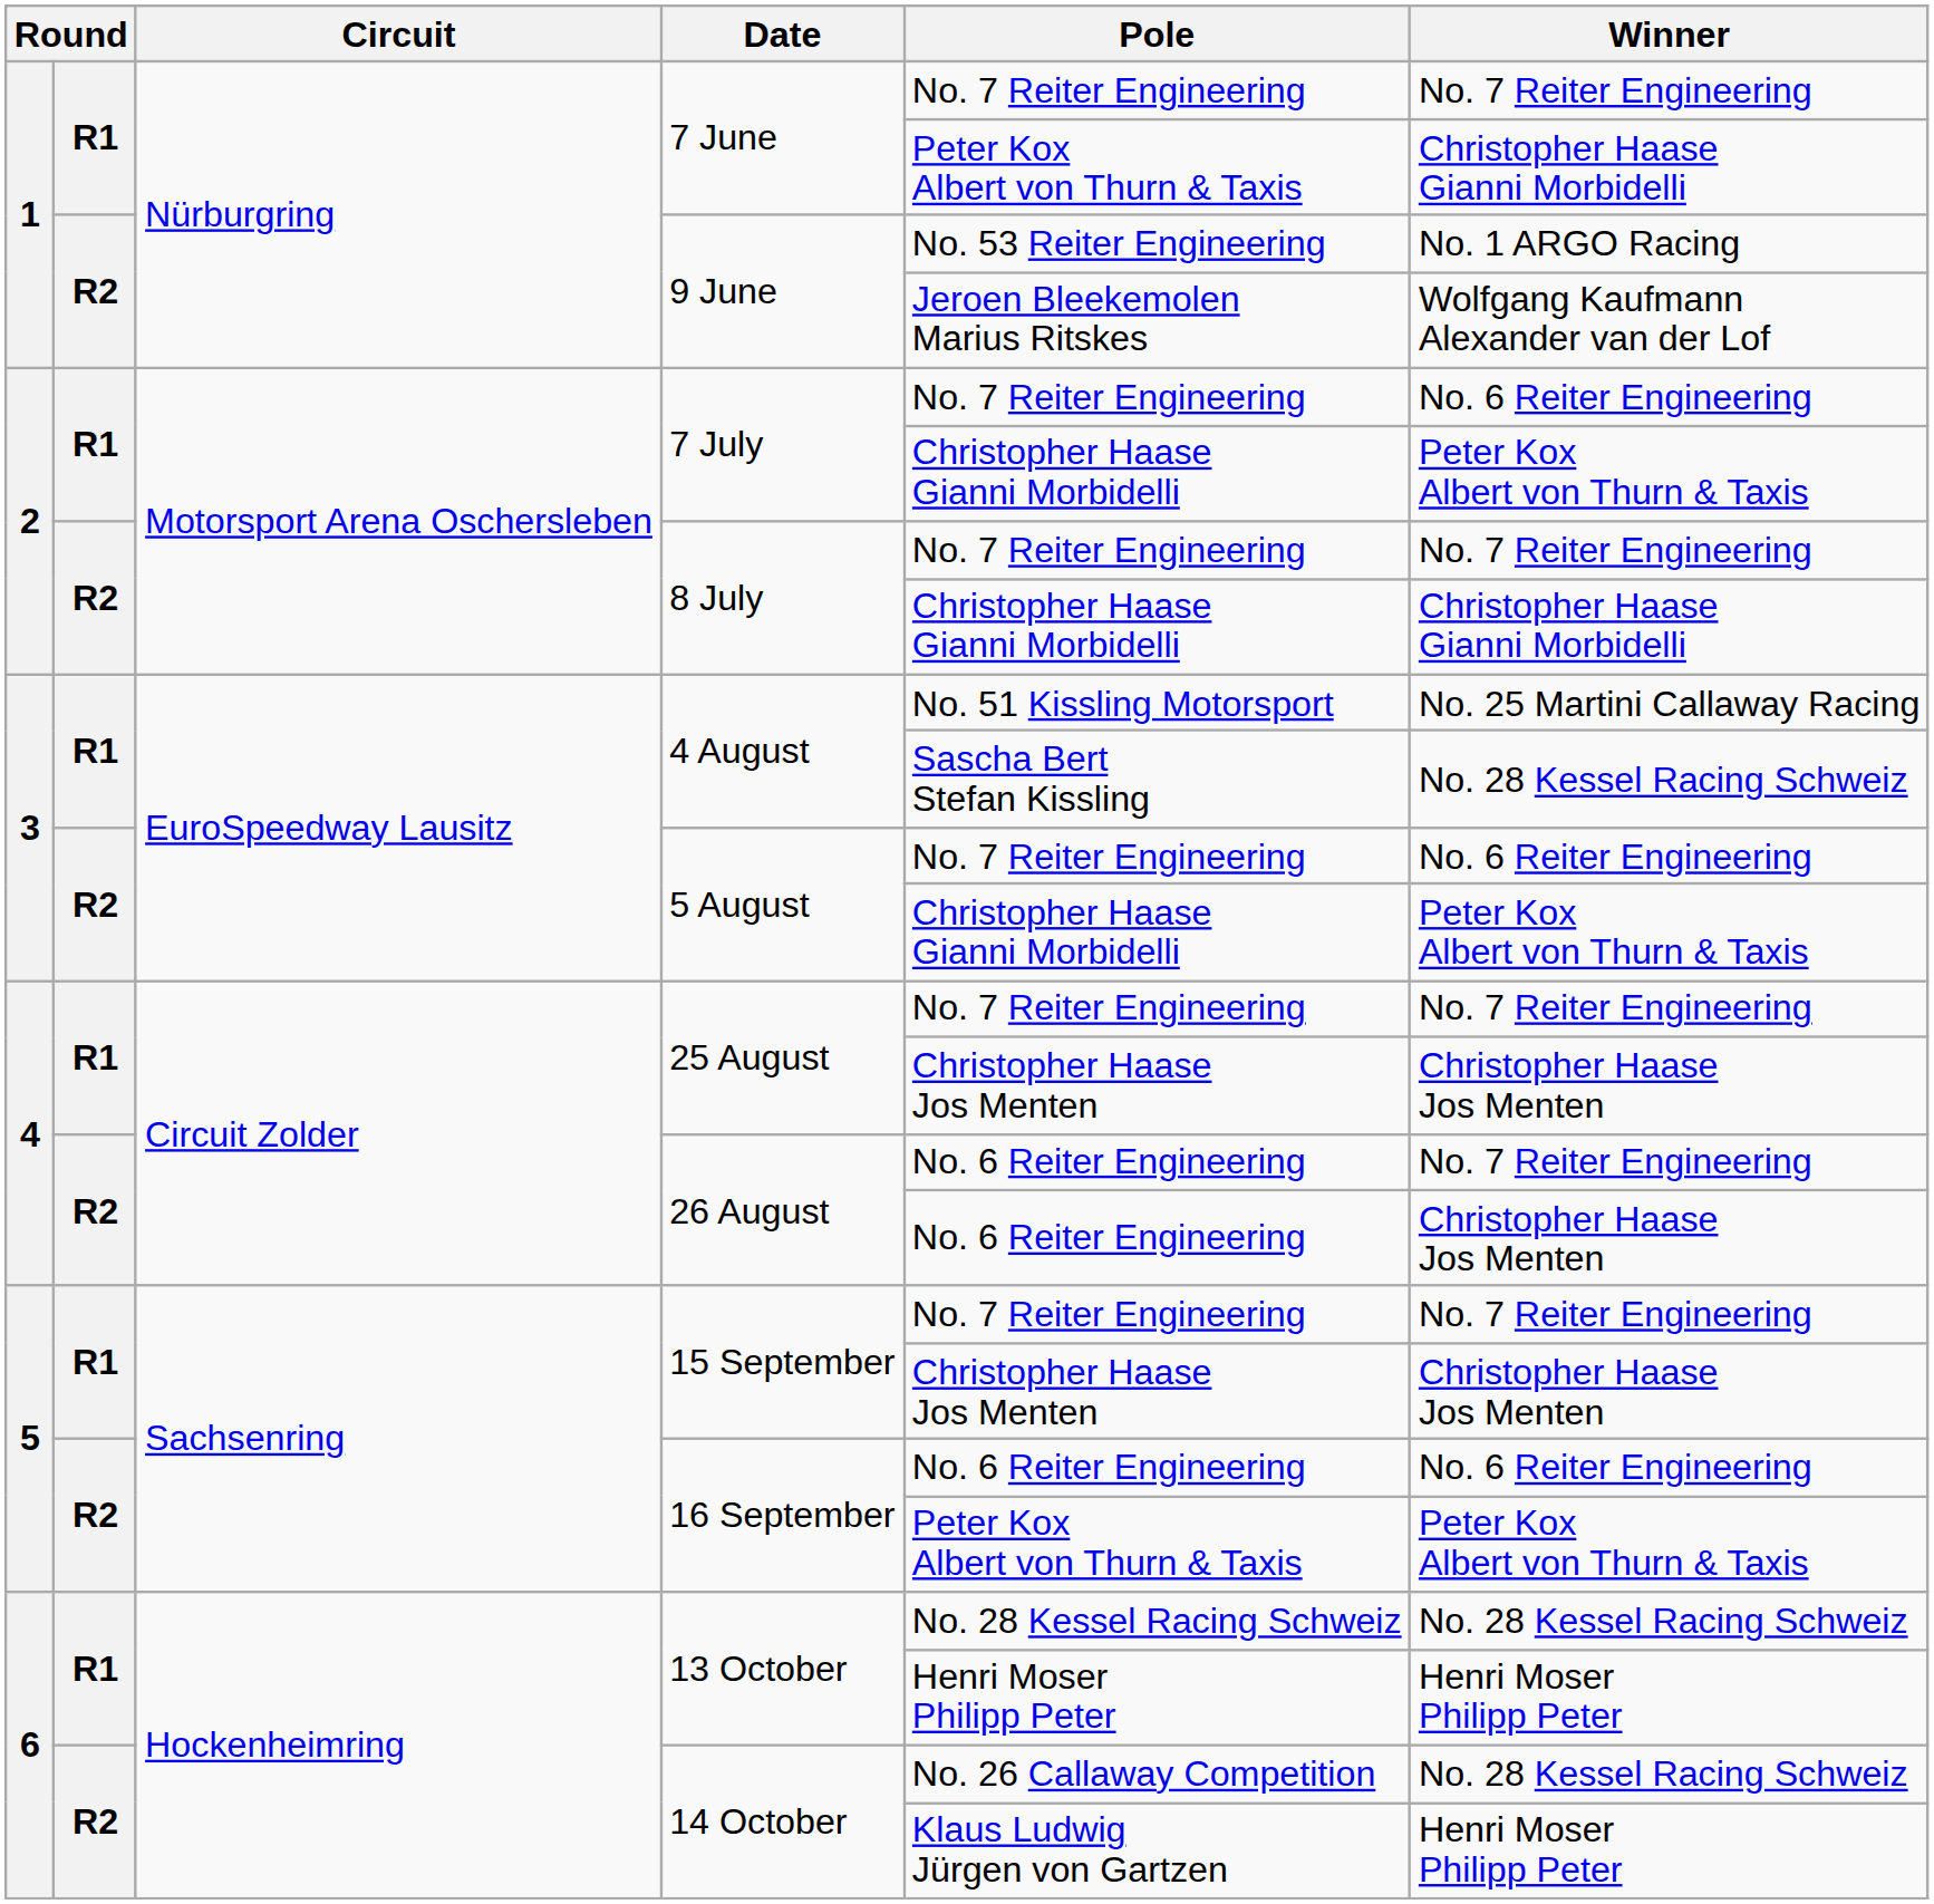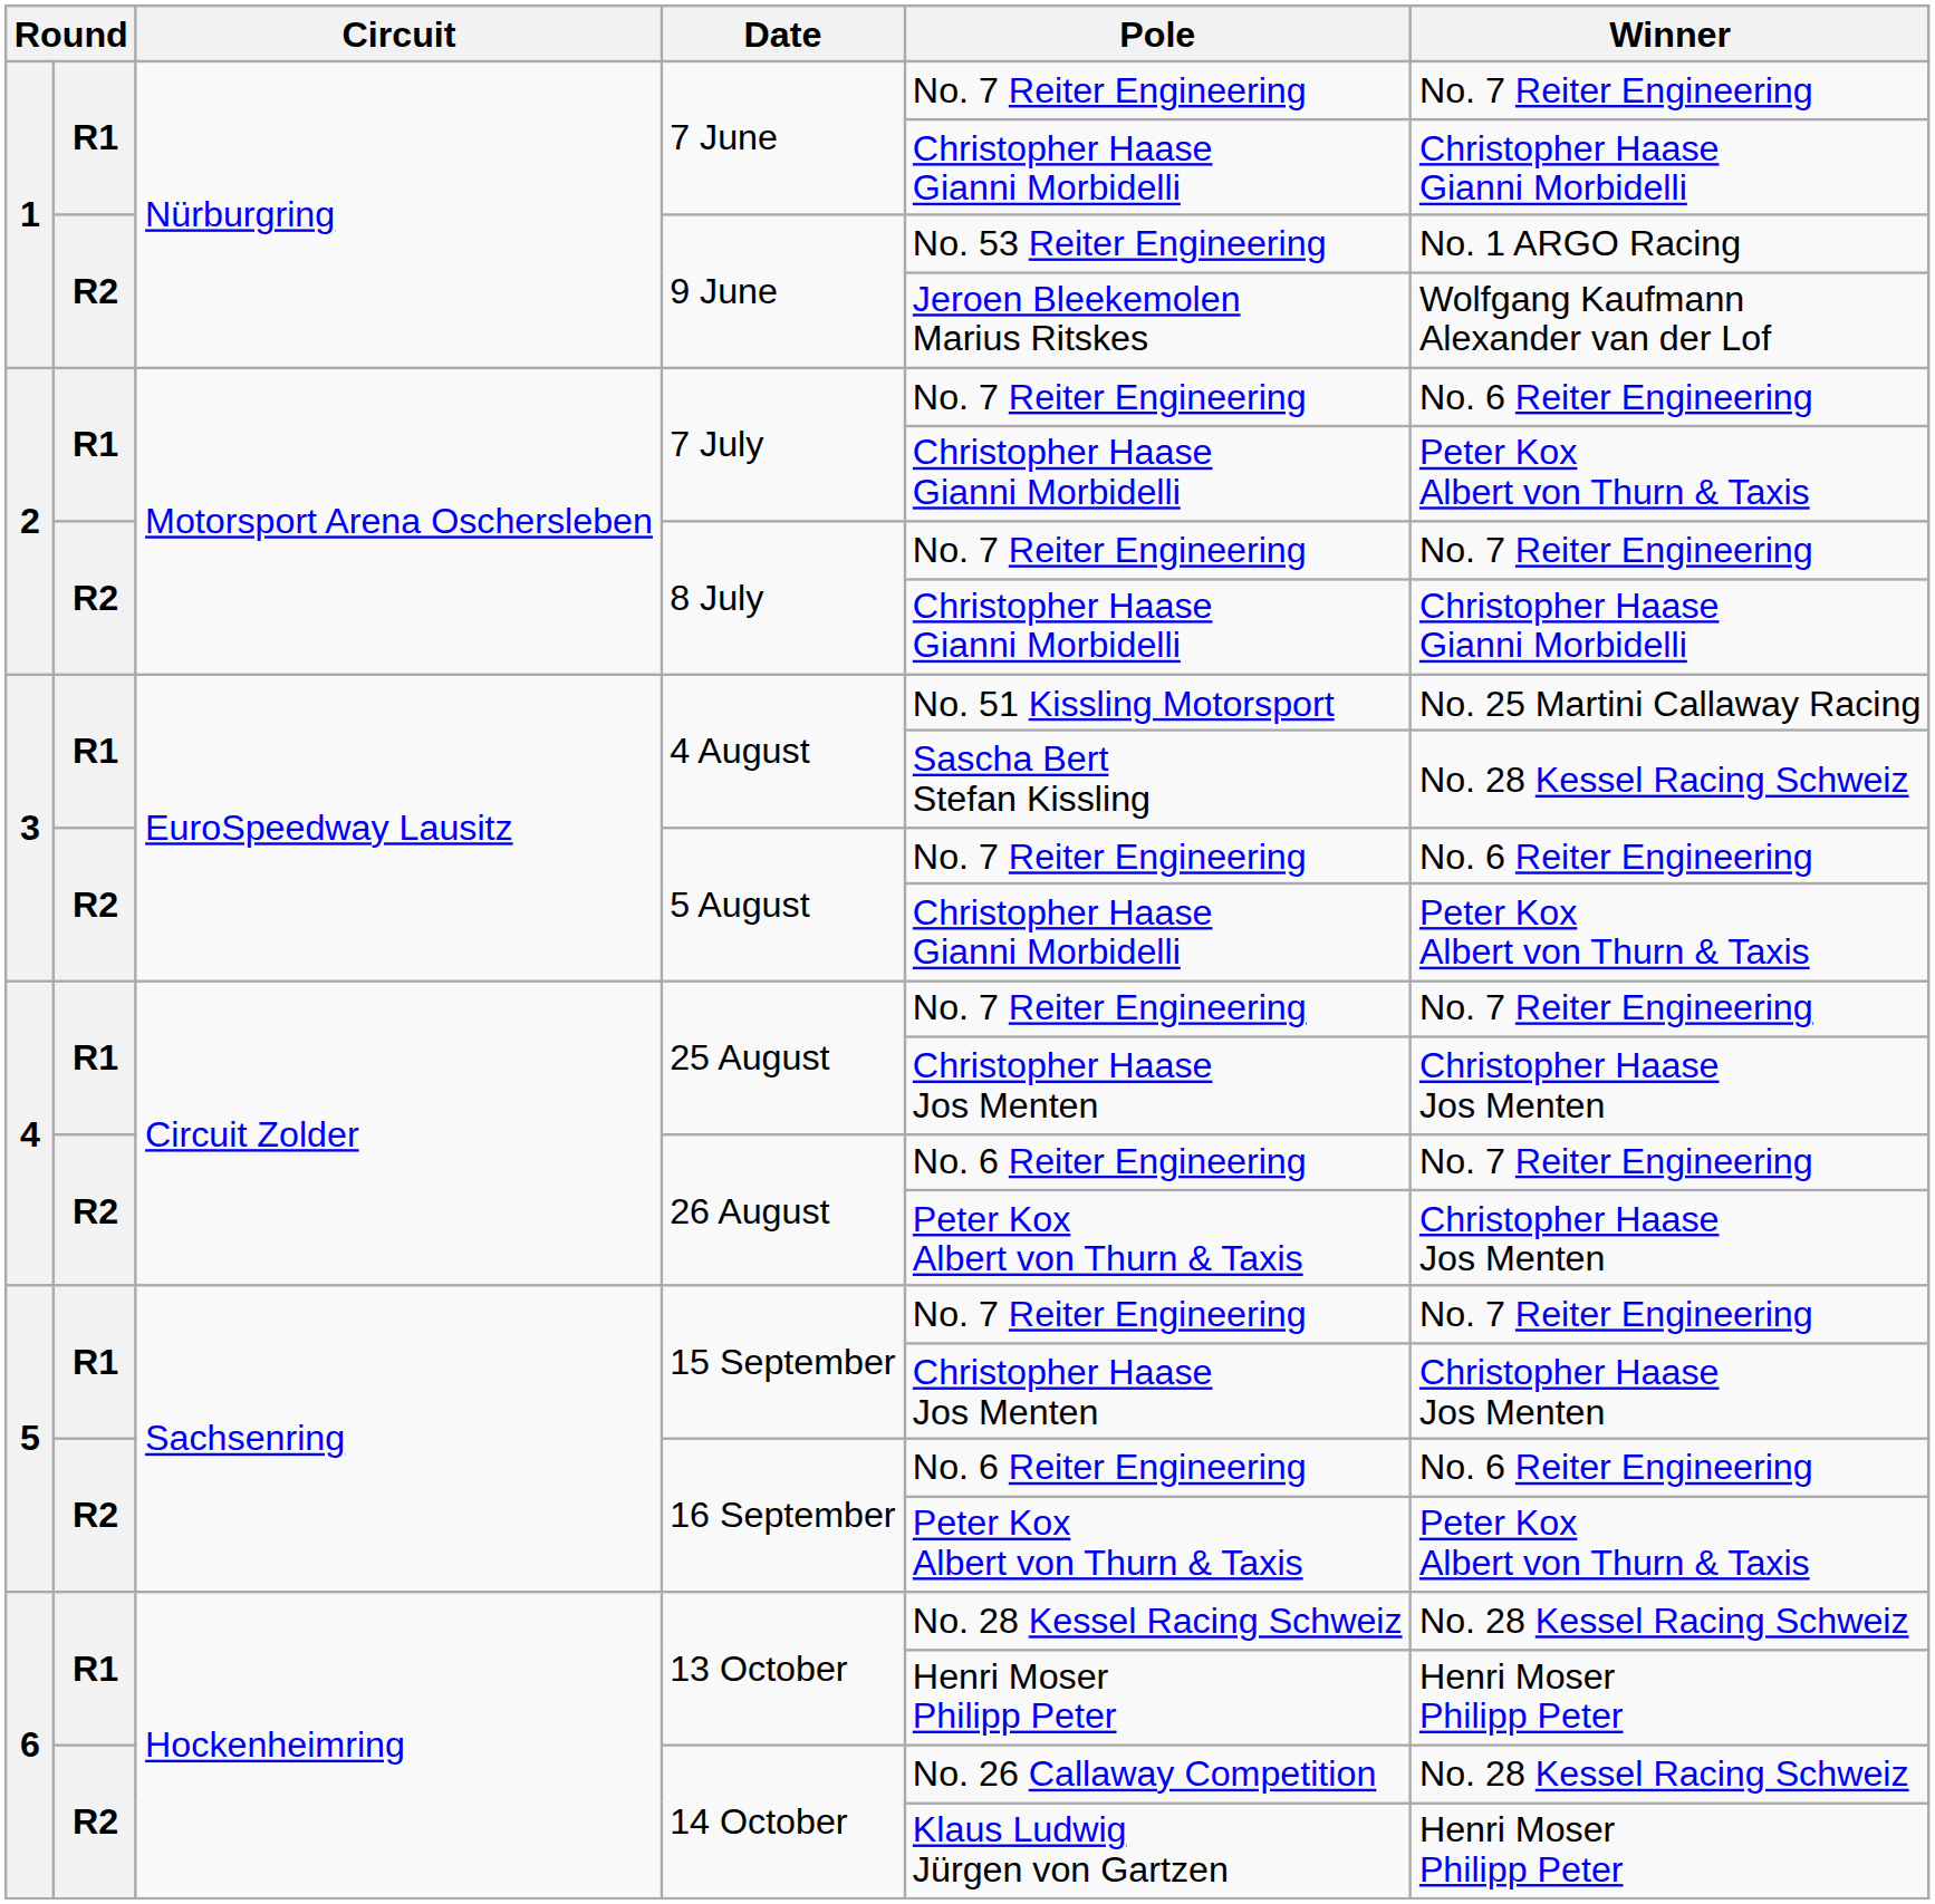 <table class="wikitable" style="font-size: 85%;">
 <tr>
 <th colspan=2>Round</th>
 <th>Circuit</th>
 <th>Date</th>
 <th>Pole</th>
 <th>Winner</th>
 </tr>
 <tr>
 <th rowspan=4>1</th>
 <th rowspan=2>R1</th>
 <td rowspan=4> <a href='#'>Nürburgring</a></td>
 <td rowspan=2>7 June</td>
 <td>No. 7 <a href='#'>Reiter Engineering</a></td>
 <td>No. 7 <a href='#'>Reiter Engineering</a></td>
 </tr>
 <tr>
-<td> <a href='#'>Peter Kox</a><br> <a href='#'>Albert von Thurn & Taxis</a></td>
+<td> <a href='#'>Christopher Haase</a><br> <a href='#'>Gianni Morbidelli</a></td>
 <td> <a href='#'>Christopher Haase</a><br> <a href='#'>Gianni Morbidelli</a></td>
 </tr>
 <tr>
 <th rowspan=2>R2</th>
 <td rowspan=2>9 June</td>
 <td>No. 53 <a href='#'>Reiter Engineering</a></td>
 <td>No. 1 ARGO Racing</td>
 </tr>
 <tr>
 <td> <a href='#'>Jeroen Bleekemolen</a><br> Marius Ritskes</td>
 <td> Wolfgang Kaufmann<br> Alexander van der Lof</td>
 </tr>
 <tr>
 <th rowspan=4>2</th>
 <th rowspan=2>R1</th>
 <td rowspan=4> <a href='#'>Motorsport Arena Oschersleben</a></td>
 <td rowspan=2>7 July</td>
 <td>No. 7 <a href='#'>Reiter Engineering</a></td>
 <td>No. 6 <a href='#'>Reiter Engineering</a></td>
 </tr>
 <tr>
 <td> <a href='#'>Christopher Haase</a><br> <a href='#'>Gianni Morbidelli</a></td>
 <td> <a href='#'>Peter Kox</a><br> <a href='#'>Albert von Thurn & Taxis</a></td>
 </tr>
 <tr>
 <th rowspan=2>R2</th>
 <td rowspan=2>8 July</td>
 <td>No. 7 <a href='#'>Reiter Engineering</a></td>
 <td>No. 7 <a href='#'>Reiter Engineering</a></td>
 </tr>
 <tr>
 <td> <a href='#'>Christopher Haase</a><br> <a href='#'>Gianni Morbidelli</a></td>
 <td> <a href='#'>Christopher Haase</a><br> <a href='#'>Gianni Morbidelli</a></td>
 </tr>
 <tr>
 <th rowspan=4>3</th>
 <th rowspan=2>R1</th>
 <td rowspan=4> <a href='#'>EuroSpeedway Lausitz</a></td>
 <td rowspan=2>4 August</td>
 <td>No. 51 <a href='#'>Kissling Motorsport</a></td>
 <td>No. 25 Martini Callaway Racing</td>
 </tr>
 <tr>
 <td> <a href='#'>Sascha Bert</a><br> Stefan Kissling</td>
 <td>No. 28 <a href='#'>Kessel Racing Schweiz</a></td>
 </tr>
 <tr>
 <th rowspan=2>R2</th>
 <td rowspan=2>5 August</td>
 <td>No. 7 <a href='#'>Reiter Engineering</a></td>
 <td>No. 6 <a href='#'>Reiter Engineering</a></td>
 </tr>
 <tr>
 <td> <a href='#'>Christopher Haase</a><br> <a href='#'>Gianni Morbidelli</a></td>
 <td> <a href='#'>Peter Kox</a><br> <a href='#'>Albert von Thurn & Taxis</a></td>
 </tr>
 <tr>
 <th rowspan=4>4</th>
 <th rowspan=2>R1</th>
 <td rowspan=4> <a href='#'>Circuit Zolder</a></td>
 <td rowspan=2>25 August</td>
 <td>No. 7 <a href='#'>Reiter Engineering</a></td>
 <td>No. 7 <a href='#'>Reiter Engineering</a></td>
 </tr>
 <tr>
 <td> <a href='#'>Christopher Haase</a><br> Jos Menten</td>
 <td> <a href='#'>Christopher Haase</a><br> Jos Menten</td>
 </tr>
 <tr>
 <th rowspan=2>R2</th>
 <td rowspan=2>26 August</td>
 <td>No. 6 <a href='#'>Reiter Engineering</a></td>
 <td>No. 7 <a href='#'>Reiter Engineering</a></td>
 </tr>
 <tr>
-<td>No. 6 <a href='#'>Reiter Engineering</a></td>
+<td> <a href='#'>Peter Kox</a><br> <a href='#'>Albert von Thurn & Taxis</a></td>
 <td> <a href='#'>Christopher Haase</a><br> Jos Menten</td>
 </tr>
 <tr>
 <th rowspan=4>5</th>
 <th rowspan=2>R1</th>
 <td rowspan=4> <a href='#'>Sachsenring</a></td>
 <td rowspan=2>15 September</td>
 <td>No. 7 <a href='#'>Reiter Engineering</a></td>
 <td>No. 7 <a href='#'>Reiter Engineering</a></td>
 </tr>
 <tr>
 <td> <a href='#'>Christopher Haase</a><br> Jos Menten</td>
 <td> <a href='#'>Christopher Haase</a><br> Jos Menten</td>
 </tr>
 <tr>
 <th rowspan=2>R2</th>
 <td rowspan=2>16 September</td>
 <td>No. 6 <a href='#'>Reiter Engineering</a></td>
 <td>No. 6 <a href='#'>Reiter Engineering</a></td>
 </tr>
 <tr>
 <td> <a href='#'>Peter Kox</a><br> <a href='#'>Albert von Thurn & Taxis</a></td>
 <td> <a href='#'>Peter Kox</a><br> <a href='#'>Albert von Thurn & Taxis</a></td>
 </tr>
 <tr>
 <th rowspan=4>6</th>
 <th rowspan=2>R1</th>
 <td rowspan=4> <a href='#'>Hockenheimring</a></td>
 <td rowspan=2>13 October</td>
 <td>No. 28 <a href='#'>Kessel Racing Schweiz</a></td>
 <td>No. 28 <a href='#'>Kessel Racing Schweiz</a></td>
 </tr>
 <tr>
 <td> Henri Moser<br> <a href='#'>Philipp Peter</a></td>
 <td> Henri Moser<br> <a href='#'>Philipp Peter</a></td>
 </tr>
 <tr>
 <th rowspan=2>R2</th>
 <td rowspan=2>14 October</td>
 <td>No. 26 <a href='#'>Callaway Competition</a></td>
 <td>No. 28 <a href='#'>Kessel Racing Schweiz</a></td>
 </tr>
 <tr>
 <td> <a href='#'>Klaus Ludwig</a><br> Jürgen von Gartzen</td>
 <td> Henri Moser<br> <a href='#'>Philipp Peter</a></td>
 </tr>
 </table>
